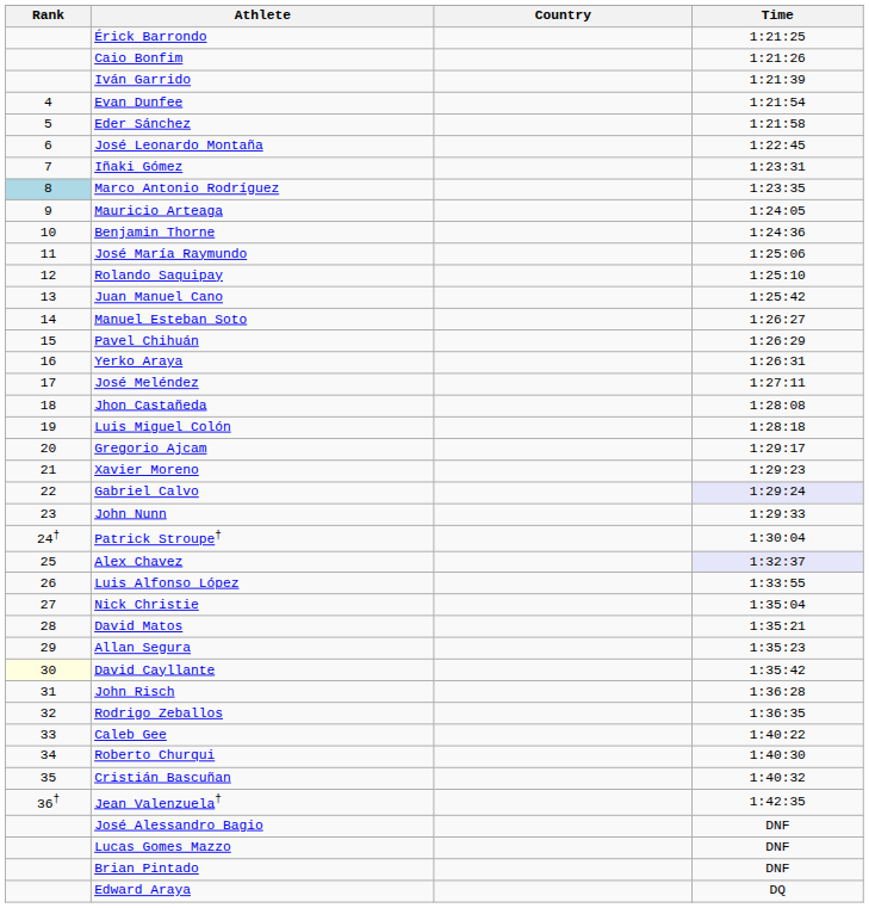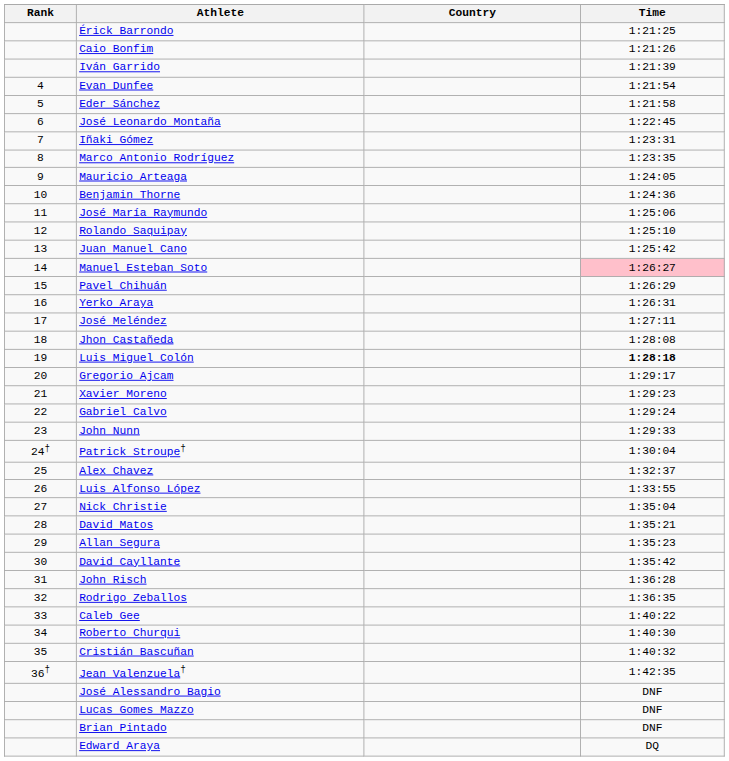 <table class="wikitable sortable" style=" text-align:center; font-size:95%;" width="50%">
 <tr>
 </tr>
 <tr>
 <th width=5%>Rank</th>
 <th width=20%>Athlete</th>
 <th width=15%>Country</th>
 <th width=10%>Time</th>
 </tr>
 <tr>
 <td align=center></td>
 <td align=left><a href='#'>Érick Barrondo</a></td>
 <td align=left></td>
 <td>1:21:25</td>
 </tr>
 <tr>
 <td align=center></td>
 <td align=left><a href='#'>Caio Bonfim</a></td>
 <td align=left></td>
 <td>1:21:26</td>
 </tr>
 <tr>
 <td align=center></td>
 <td align=left><a href='#'>Iván Garrido</a></td>
 <td align=left></td>
 <td>1:21:39</td>
 </tr>
 <tr>
 <td align=center>4</td>
 <td align=left><a href='#'>Evan Dunfee</a></td>
 <td align=left></td>
 <td>1:21:54</td>
 </tr>
 <tr>
 <td align=center>5</td>
 <td align=left><a href='#'>Eder Sánchez</a></td>
 <td align=left></td>
 <td>1:21:58</td>
 </tr>
 <tr>
 <td align=center>6</td>
 <td align=left><a href='#'>José Leonardo Montaña</a></td>
 <td align=left></td>
 <td>1:22:45</td>
 </tr>
 <tr>
 <td align=center>7</td>
 <td align=left><a href='#'>Iñaki Gómez</a></td>
 <td align=left></td>
 <td>1:23:31</td>
 </tr>
 <tr>
-<td align=center style="background: lightblue;">8</td>
+<td align=center>8</td>
 <td align=left><a href='#'>Marco Antonio Rodríguez</a></td>
 <td align=left></td>
 <td>1:23:35</td>
 </tr>
 <tr>
 <td align=center>9</td>
 <td align=left><a href='#'>Mauricio Arteaga</a></td>
 <td align=left></td>
 <td>1:24:05</td>
 </tr>
 <tr>
 <td align=center>10</td>
 <td align=left><a href='#'>Benjamin Thorne</a></td>
 <td align=left></td>
 <td>1:24:36</td>
 </tr>
 <tr>
 <td align=center>11</td>
 <td align=left><a href='#'>José María Raymundo</a></td>
 <td align=left></td>
 <td>1:25:06</td>
 </tr>
 <tr>
 <td align=center>12</td>
 <td align=left><a href='#'>Rolando Saquipay</a></td>
 <td align=left></td>
 <td>1:25:10</td>
 </tr>
 <tr>
 <td align=center>13</td>
 <td align=left><a href='#'>Juan Manuel Cano</a></td>
 <td align=left></td>
 <td>1:25:42</td>
 </tr>
 <tr>
 <td align=center>14</td>
 <td align=left><a href='#'>Manuel Esteban Soto</a></td>
 <td align=left></td>
-<td>1:26:27</td>
+<td style="background: pink;">1:26:27</td>
 </tr>
 <tr>
 <td align=center>15</td>
 <td align=left><a href='#'>Pavel Chihuán</a></td>
 <td align=left></td>
 <td>1:26:29</td>
 </tr>
 <tr>
 <td align=center>16</td>
 <td align=left><a href='#'>Yerko Araya</a></td>
 <td align=left></td>
 <td>1:26:31</td>
 </tr>
 <tr>
 <td align=center>17</td>
 <td align=left><a href='#'>José Meléndez</a></td>
 <td align=left></td>
 <td>1:27:11</td>
 </tr>
 <tr>
 <td align=center>18</td>
 <td align=left><a href='#'>Jhon Castañeda</a></td>
 <td align=left></td>
 <td>1:28:08</td>
 </tr>
 <tr>
 <td align=center>19</td>
 <td align=left><a href='#'>Luis Miguel Colón</a></td>
 <td align=left></td>
-<td>1:28:18</td>
+<td><strong>1:28:18</strong></td>
 </tr>
 <tr>
 <td align=center>20</td>
 <td align=left><a href='#'>Gregorio Ajcam</a></td>
 <td align=left></td>
 <td>1:29:17</td>
 </tr>
 <tr>
 <td align=center>21</td>
 <td align=left><a href='#'>Xavier Moreno</a></td>
 <td align=left></td>
 <td>1:29:23</td>
 </tr>
 <tr>
 <td align=center>22</td>
 <td align=left><a href='#'>Gabriel Calvo</a></td>
 <td align=left></td>
-<td style="background: lavender;">1:29:24</td>
+<td>1:29:24</td>
 </tr>
 <tr>
 <td align=center>23</td>
 <td align=left><a href='#'>John Nunn</a></td>
 <td align=left></td>
 <td>1:29:33</td>
 </tr>
 <tr>
 <td align=center>24<sup>†</sup></td>
 <td align=left><a href='#'>Patrick Stroupe</a><sup>†</sup></td>
 <td align=left></td>
 <td>1:30:04</td>
 </tr>
 <tr>
 <td align=center>25</td>
 <td align=left><a href='#'>Alex Chavez</a></td>
 <td align=left></td>
-<td style="background: lavender;">1:32:37</td>
+<td>1:32:37</td>
 </tr>
 <tr>
 <td align=center>26</td>
 <td align=left><a href='#'>Luis Alfonso López</a></td>
 <td align=left></td>
 <td>1:33:55</td>
 </tr>
 <tr>
 <td align=center>27</td>
 <td align=left><a href='#'>Nick Christie</a></td>
 <td align=left></td>
 <td>1:35:04</td>
 </tr>
 <tr>
 <td align=center>28</td>
 <td align=left><a href='#'>David Matos</a></td>
 <td align=left></td>
 <td>1:35:21</td>
 </tr>
 <tr>
 <td align=center>29</td>
 <td align=left><a href='#'>Allan Segura</a></td>
 <td align=left></td>
 <td>1:35:23</td>
 </tr>
 <tr>
-<td align=center style="background: lightyellow;">30</td>
+<td align=center>30</td>
 <td align=left><a href='#'>David Cayllante</a></td>
 <td align=left></td>
 <td>1:35:42</td>
 </tr>
 <tr>
 <td align=center>31</td>
 <td align=left><a href='#'>John Risch</a></td>
 <td align=left></td>
 <td>1:36:28</td>
 </tr>
 <tr>
 <td align=center>32</td>
 <td align=left><a href='#'>Rodrigo Zeballos</a></td>
 <td align=left></td>
 <td>1:36:35</td>
 </tr>
 <tr>
 <td align=center>33</td>
 <td align=left><a href='#'>Caleb Gee</a></td>
 <td align=left></td>
 <td>1:40:22</td>
 </tr>
 <tr>
 <td align=center>34</td>
 <td align=left><a href='#'>Roberto Churqui</a></td>
 <td align=left></td>
 <td>1:40:30</td>
 </tr>
 <tr>
 <td align=center>35</td>
 <td align=left><a href='#'>Cristián Bascuñan</a></td>
 <td align=left></td>
 <td>1:40:32</td>
 </tr>
 <tr>
 <td align=center>36<sup>†</sup></td>
 <td align=left><a href='#'>Jean Valenzuela</a><sup>†</sup></td>
 <td align=left></td>
 <td>1:42:35</td>
 </tr>
 <tr>
 <td align=center></td>
 <td align=left><a href='#'>José Alessandro Bagio</a></td>
 <td align=left></td>
 <td>DNF</td>
 </tr>
 <tr>
 <td align=center></td>
 <td align=left><a href='#'>Lucas Gomes Mazzo</a></td>
 <td align=left></td>
 <td>DNF</td>
 </tr>
 <tr>
 <td align=center></td>
 <td align=left><a href='#'>Brian Pintado</a></td>
 <td align=left></td>
 <td>DNF</td>
 </tr>
 <tr>
 <td align=center></td>
 <td align=left><a href='#'>Edward Araya</a></td>
 <td align=left></td>
 <td>DQ</td>
 </tr>
 </table>
